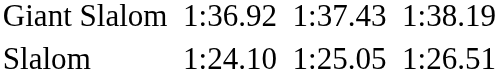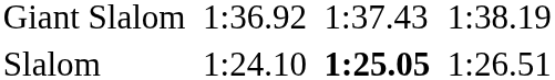 <table>
 <tr>
 <td>Giant Slalom</td>
 <td></td>
 <td>1:36.92</td>
 <td></td>
 <td>1:37.43</td>
 <td></td>
 <td>1:38.19</td>
 </tr>
 <tr>
 <td>Slalom</td>
 <td></td>
 <td>1:24.10</td>
 <td></td>
-<td>1:25.05</td>
+<td><strong>1:25.05</strong></td>
 <td></td>
 <td>1:26.51</td>
 </tr>
 </table>
